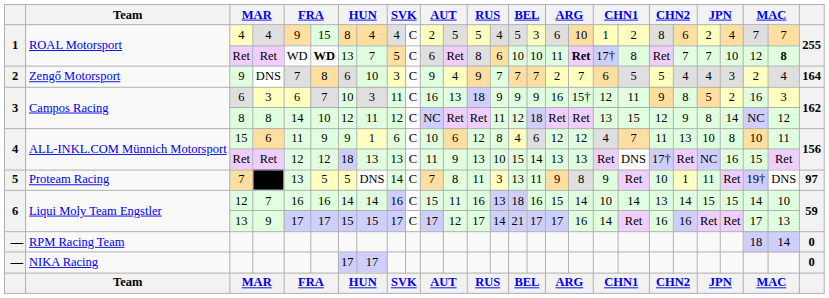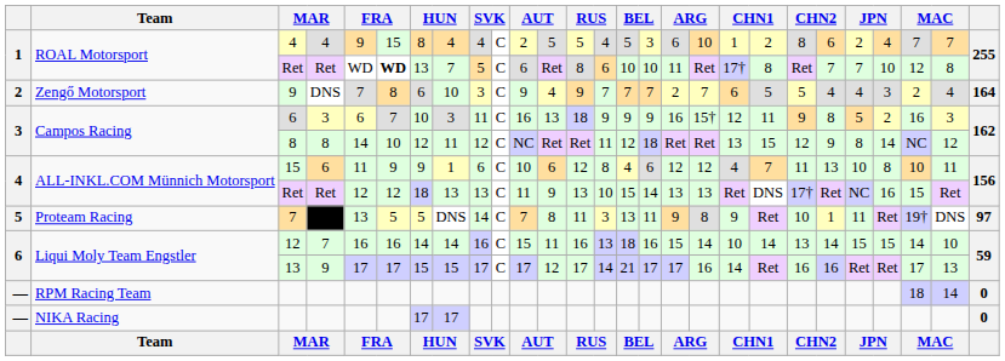 <table align=left| class="wikitable" style="font-size: 85%; text-align: center">
 <tr valign="top">
 <th valign=middle></th>
 <th valign=middle>Team</th>
 <th colspan=2><a href='#'>MAR</a><br></th>
 <th colspan=2><a href='#'>FRA</a><br></th>
 <th colspan=2><a href='#'>HUN</a><br></th>
 <th colspan=2><a href='#'>SVK</a><br></th>
 <th colspan=2><a href='#'>AUT</a><br></th>
 <th colspan=2><a href='#'>RUS</a><br></th>
 <th colspan=2><a href='#'>BEL</a><br></th>
 <th colspan=2><a href='#'>ARG</a><br></th>
 <th colspan=2><a href='#'>CHN1</a><br></th>
 <th colspan=2><a href='#'>CHN2</a><br></th>
 <th colspan=2><a href='#'>JPN</a><br></th>
 <th colspan=2><a href='#'>MAC</a><br></th>
 <th valign=middle>  </th>
 </tr>
 <tr>
 <th rowspan=2>1</th>
 <td align=left rowspan=2> <a href='#'>ROAL Motorsport</a></td>
 <td style="background:#ffffbf;">4</td>
 <td style="background:#dfdfdf;">4</td>
 <td style="background:#ffdf9f;">9</td>
 <td style="background:#dfffdf;">15</td>
 <td style="background:#ffdf9f;">8</td>
 <td style="background:#ffdf9f;">4</td>
 <td style="background:#dfdfdf;">4</td>
 <td style="background:#ffffff;">C</td>
 <td style="background:#ffffbf;">2</td>
 <td style="background:#dfdfdf;">5</td>
 <td style="background:#ffffbf;">5</td>
 <td style="background:#dfdfdf;">4</td>
 <td style="background:#dfdfdf;">5</td>
 <td style="background:#ffffbf;">3</td>
 <td style="background:#dfdfdf;">6</td>
 <td style="background:#ffdf9f;">10</td>
 <td style="background:#ffffbf;">1</td>
 <td style="background:#ffffbf;">2</td>
 <td style="background:#dfdfdf;">8</td>
 <td style="background:#ffdf9f;">6</td>
 <td style="background:#ffffbf;">2</td>
 <td style="background:#ffdf9f;">4</td>
 <td style="background:#dfdfdf;">7</td>
 <td style="background:#ffdf9f;">7</td>
 <th rowspan=2>255</th>
 </tr>
 <tr>
 <td style="background:#efcfff;">Ret</td>
 <td style="background:#efcfff;">Ret</td>
 <td style="background:#ffffff;">WD</td>
 <td style="background:#ffffff;"><strong>WD</strong></td>
 <td style="background:#dfffdf;">13</td>
 <td style="background:#dfffdf;">7</td>
 <td style="background:#ffdf9f;">5</td>
 <td style="background:#ffffff;">C</td>
 <td style="background:#dfdfdf;">6</td>
 <td style="background:#efcfff;">Ret</td>
 <td style="background:#dfdfdf;">8</td>
 <td style="background:#ffdf9f;">6</td>
 <td style="background:#dfffdf;">10</td>
 <td style="background:#dfffdf;">10</td>
 <td style="background:#dfffdf;">11</td>
-<td style="background:#efcfff;"><strong>Ret</strong></td>
+<td style="background:#efcfff;">Ret</td>
 <td style="background:#cfcfff;">17†</td>
 <td style="background:#dfffdf;">8</td>
 <td style="background:#efcfff;">Ret</td>
 <td style="background:#dfffdf;">7</td>
 <td style="background:#dfffdf;">7</td>
 <td style="background:#dfffdf;">10</td>
 <td style="background:#dfffdf;">12</td>
-<td style="background:#dfffdf;"><strong>8</strong></td>
+<td style="background:#dfffdf;">8</td>
 </tr>
 <tr>
 <th>2</th>
 <td align="left"> <a href='#'>Zengő Motorsport</a></td>
 <td style="background:#dfffdf;">9</td>
 <td style="background:#ffffff;">DNS</td>
 <td style="background:#dfdfdf;">7</td>
 <td style="background:#ffdf9f;">8</td>
 <td style="background:#dfdfdf;">6</td>
 <td style="background:#dfffdf;">10</td>
 <td style="background:#ffffbf;">3</td>
 <td style="background:#ffffff;">C</td>
 <td style="background:#dfffdf;">9</td>
 <td style="background:#ffffbf;">4</td>
 <td style="background:#ffdf9f;">9</td>
 <td style="background:#dfffdf;">7</td>
 <td style="background:#ffdf9f;">7</td>
 <td style="background:#ffdf9f;">7</td>
 <td style="background:#ffffbf;">2</td>
 <td style="background:#ffffbf;">7</td>
 <td style="background:#ffdf9f;">6</td>
 <td style="background:#dfdfdf;">5</td>
 <td style="background:#ffffbf;">5</td>
 <td style="background:#dfdfdf;">4</td>
 <td style="background:#dfdfdf;">4</td>
 <td style="background:#dfdfdf;">3</td>
 <td style="background:#ffffbf;">2</td>
 <td style="background:#dfdfdf;">4</td>
 <th>164</th>
 </tr>
 <tr>
 <th rowspan=2>3</th>
 <td align=left rowspan=2> <a href='#'>Campos Racing</a></td>
 <td style="background:#dfdfdf;">6</td>
 <td style="background:#ffffbf;">3</td>
 <td style="background:#ffffbf;">6</td>
 <td style="background:#dfdfdf;">7</td>
 <td style="background:#dfffdf;">10</td>
 <td style="background:#dfdfdf;">3</td>
 <td style="background:#dfffdf;">11</td>
 <td style="background:#ffffff;">C</td>
 <td style="background:#dfffdf;">16</td>
 <td style="background:#dfffdf;">13</td>
 <td style="background:#cfcfff;">18</td>
 <td style="background:#dfffdf;">9</td>
 <td style="background:#dfffdf;">9</td>
 <td style="background:#dfffdf;">9</td>
 <td style="background:#dfffdf;">16</td>
 <td style="background:#dfffdf;">15†</td>
 <td style="background:#dfffdf;">12</td>
 <td style="background:#dfffdf;">11</td>
 <td style="background:#ffdf9f;">9</td>
 <td style="background:#dfffdf;">8</td>
 <td style="background:#ffdf9f;">5</td>
 <td style="background:#ffffbf;">2</td>
 <td style="background:#dfffdf;">16</td>
 <td style="background:#ffffbf;">3</td>
 <th rowspan=2>162</th>
 </tr>
 <tr>
 <td style="background:#dfffdf;">8</td>
 <td style="background:#dfffdf;">8</td>
 <td style="background:#dfffdf;">14</td>
 <td style="background:#dfffdf;">10</td>
 <td style="background:#dfffdf;">12</td>
 <td style="background:#dfffdf;">11</td>
 <td style="background:#dfffdf;">12</td>
 <td style="background:#ffffff;">C</td>
 <td style="background:#cfcfff;">NC</td>
 <td style="background:#efcfff;">Ret</td>
 <td style="background:#efcfff;">Ret</td>
 <td style="background:#dfffdf;">11</td>
 <td style="background:#dfffdf;">12</td>
 <td style="background:#cfcfff;">18</td>
 <td style="background:#efcfff;">Ret</td>
 <td style="background:#efcfff;">Ret</td>
 <td style="background:#dfffdf;">13</td>
 <td style="background:#dfffdf;">15</td>
 <td style="background:#dfffdf;">12</td>
 <td style="background:#dfffdf;">9</td>
 <td style="background:#dfffdf;">8</td>
 <td style="background:#dfffdf;">14</td>
 <td style="background:#cfcfff;">NC</td>
 <td style="background:#dfffdf;">12</td>
 </tr>
 <tr>
 <th rowspan=2>4</th>
 <td align=left rowspan=2 nowrap> <a href='#'>ALL-INKL.COM Münnich Motorsport</a></td>
 <td style="background:#dfffdf;">15</td>
 <td style="background:#ffdf9f;">6</td>
 <td style="background:#dfffdf;">11</td>
 <td style="background:#dfffdf;">9</td>
 <td style="background:#dfffdf;">9</td>
 <td style="background:#ffffbf;">1</td>
 <td style="background:#dfffdf;">6</td>
 <td style="background:#ffffff;">C</td>
 <td style="background:#dfffdf;">10</td>
 <td style="background:#ffdf9f;">6</td>
 <td style="background:#dfffdf;">12</td>
 <td style="background:#dfffdf;">8</td>
 <td style="background:#ffffbf;">4</td>
 <td style="background:#dfdfdf;">6</td>
 <td style="background:#dfffdf;">12</td>
 <td style="background:#dfffdf;">12</td>
 <td style="background:#dfdfdf;">4</td>
 <td style="background:#ffdf9f;">7</td>
 <td style="background:#dfffdf;">11</td>
 <td style="background:#dfffdf;">13</td>
 <td style="background:#dfffdf;">10</td>
 <td style="background:#dfffdf;">8</td>
 <td style="background:#ffdf9f;">10</td>
 <td style="background:#dfffdf;">11</td>
 <th rowspan=2>156</th>
 </tr>
 <tr>
 <td style="background:#efcfff;">Ret</td>
 <td style="background:#efcfff;">Ret</td>
 <td style="background:#dfffdf;">12</td>
 <td style="background:#dfffdf;">12</td>
 <td style="background:#cfcfff;">18</td>
 <td style="background:#dfffdf;">13</td>
 <td style="background:#dfffdf;">13</td>
 <td style="background:#ffffff;">C</td>
 <td style="background:#dfffdf;">11</td>
 <td style="background:#dfffdf;">9</td>
 <td style="background:#dfffdf;">13</td>
 <td style="background:#dfffdf;">10</td>
 <td style="background:#dfffdf;">15</td>
 <td style="background:#dfffdf;">14</td>
 <td style="background:#dfffdf;">13</td>
 <td style="background:#dfffdf;">13</td>
 <td style="background:#efcfff;">Ret</td>
 <td style="background:#ffffff;">DNS</td>
 <td style="background:#cfcfff;">17†</td>
 <td style="background:#efcfff;">Ret</td>
 <td style="background:#cfcfff;">NC</td>
 <td style="background:#dfffdf;">16</td>
 <td style="background:#dfffdf;">15</td>
 <td style="background:#efcfff;">Ret</td>
 </tr>
 <tr>
 <th>5</th>
 <td align="left"> <a href='#'>Proteam Racing</a></td>
 <td style="background:#ffdf9f;">7</td>
 <td style="background:#000000;" style=color:white>DSQ</td>
 <td style="background:#dfffdf;">13</td>
 <td style="background:#ffffbf;">5</td>
 <td style="background:#ffffbf;">5</td>
 <td style="background:#ffffff;">DNS</td>
 <td style="background:#dfffdf;">14</td>
 <td style="background:#ffffff;">C</td>
 <td style="background:#ffdf9f;">7</td>
 <td style="background:#dfffdf;">8</td>
 <td style="background:#dfffdf;">11</td>
 <td style="background:#ffffbf;">3</td>
 <td style="background:#dfffdf;">13</td>
 <td style="background:#dfffdf;">11</td>
 <td style="background:#ffdf9f;">9</td>
 <td style="background:#dfdfdf;">8</td>
 <td style="background:#dfffdf;">9</td>
 <td style="background:#efcfff;">Ret</td>
 <td style="background:#dfffdf;">10</td>
 <td style="background:#ffffbf;">1</td>
 <td style="background:#dfffdf;">11</td>
 <td style="background:#efcfff;">Ret</td>
 <td style="background:#cfcfff;">19†</td>
 <td style="background:#ffffff;">DNS</td>
 <th>97</th>
 </tr>
 <tr>
 <th rowspan=2>6</th>
 <td align=left rowspan=2> <a href='#'>Liqui Moly Team Engstler</a></td>
 <td style="background:#dfffdf;">12</td>
 <td style="background:#dfffdf;">7</td>
 <td style="background:#dfffdf;">16</td>
 <td style="background:#dfffdf;">16</td>
 <td style="background:#dfffdf;">14</td>
 <td style="background:#dfffdf;">14</td>
 <td style="background:#cfcfff;">16</td>
 <td style="background:#ffffff;">C</td>
 <td style="background:#dfffdf;">15</td>
 <td style="background:#dfffdf;">11</td>
 <td style="background:#dfffdf;">16</td>
 <td style="background:#cfcfff;">13</td>
 <td style="background:#cfcfff;">18</td>
 <td style="background:#dfffdf;">16</td>
 <td style="background:#dfffdf;">15</td>
 <td style="background:#dfffdf;">14</td>
 <td style="background:#dfffdf;">10</td>
 <td style="background:#dfffdf;">14</td>
 <td style="background:#dfffdf;">13</td>
 <td style="background:#dfffdf;">14</td>
 <td style="background:#dfffdf;">15</td>
 <td style="background:#dfffdf;">15</td>
 <td style="background:#dfffdf;">14</td>
 <td style="background:#dfffdf;">10</td>
 <th rowspan=2>59</th>
 </tr>
 <tr>
 <td style="background:#dfffdf;">13</td>
 <td style="background:#dfffdf;">9</td>
 <td style="background:#cfcfff;">17</td>
 <td style="background:#cfcfff;">17</td>
 <td style="background:#cfcfff;">15</td>
 <td style="background:#cfcfff;">15</td>
 <td style="background:#cfcfff;">17</td>
 <td style="background:#ffffff;">C</td>
 <td style="background:#cfcfff;">17</td>
 <td style="background:#dfffdf;">12</td>
 <td style="background:#dfffdf;">17</td>
 <td style="background:#cfcfff;">14</td>
 <td style="background:#cfcfff;">21</td>
 <td style="background:#cfcfff;">17</td>
 <td style="background:#cfcfff;">17</td>
 <td style="background:#dfffdf;">16</td>
 <td style="background:#dfffdf;">14</td>
 <td style="background:#efcfff;">Ret</td>
 <td style="background:#dfffdf;">16</td>
 <td style="background:#cfcfff;">16</td>
 <td style="background:#efcfff;">Ret</td>
 <td style="background:#efcfff;">Ret</td>
 <td style="background:#dfffdf;">17</td>
 <td style="background:#dfffdf;">13</td>
 </tr>
 <tr>
 <th> —</th>
 <td align="left"> <a href='#'>RPM Racing Team</a></td>
 <td></td>
 <td></td>
 <td></td>
 <td></td>
 <td></td>
 <td></td>
 <td></td>
 <td></td>
 <td></td>
 <td></td>
 <td></td>
 <td></td>
 <td></td>
 <td></td>
 <td></td>
 <td></td>
 <td></td>
 <td></td>
 <td></td>
 <td></td>
 <td></td>
 <td></td>
 <td style="background:#cfcfff;">18</td>
 <td style="background:#cfcfff;">14</td>
 <th>0</th>
 </tr>
 <tr>
 <th> —</th>
 <td align="left"> <a href='#'>NIKA Racing</a></td>
 <td></td>
 <td></td>
 <td></td>
 <td></td>
 <td style="background:#cfcfff;">17</td>
 <td style="background:#cfcfff;">17</td>
 <td></td>
 <td></td>
 <td></td>
 <td></td>
 <td></td>
 <td></td>
 <td></td>
 <td></td>
 <td></td>
 <td></td>
 <td></td>
 <td></td>
 <td></td>
 <td></td>
 <td></td>
 <td></td>
 <td></td>
 <td></td>
 <th>0</th>
 </tr>
 <tr valign="top">
 <th valign=middle></th>
 <th valign=middle>Team</th>
 <th colspan=2><a href='#'>MAR</a><br></th>
 <th colspan=2><a href='#'>FRA</a><br></th>
 <th colspan=2><a href='#'>HUN</a><br></th>
 <th colspan=2><a href='#'>SVK</a><br></th>
 <th colspan=2><a href='#'>AUT</a><br></th>
 <th colspan=2><a href='#'>RUS</a><br></th>
 <th colspan=2><a href='#'>BEL</a><br></th>
 <th colspan=2><a href='#'>ARG</a><br></th>
 <th colspan=2><a href='#'>CHN1</a><br></th>
 <th colspan=2><a href='#'>CHN2</a><br></th>
 <th colspan=2><a href='#'>JPN</a><br></th>
 <th colspan=2><a href='#'>MAC</a><br></th>
 <th valign=middle>  </th>
 </tr>
 </table>
